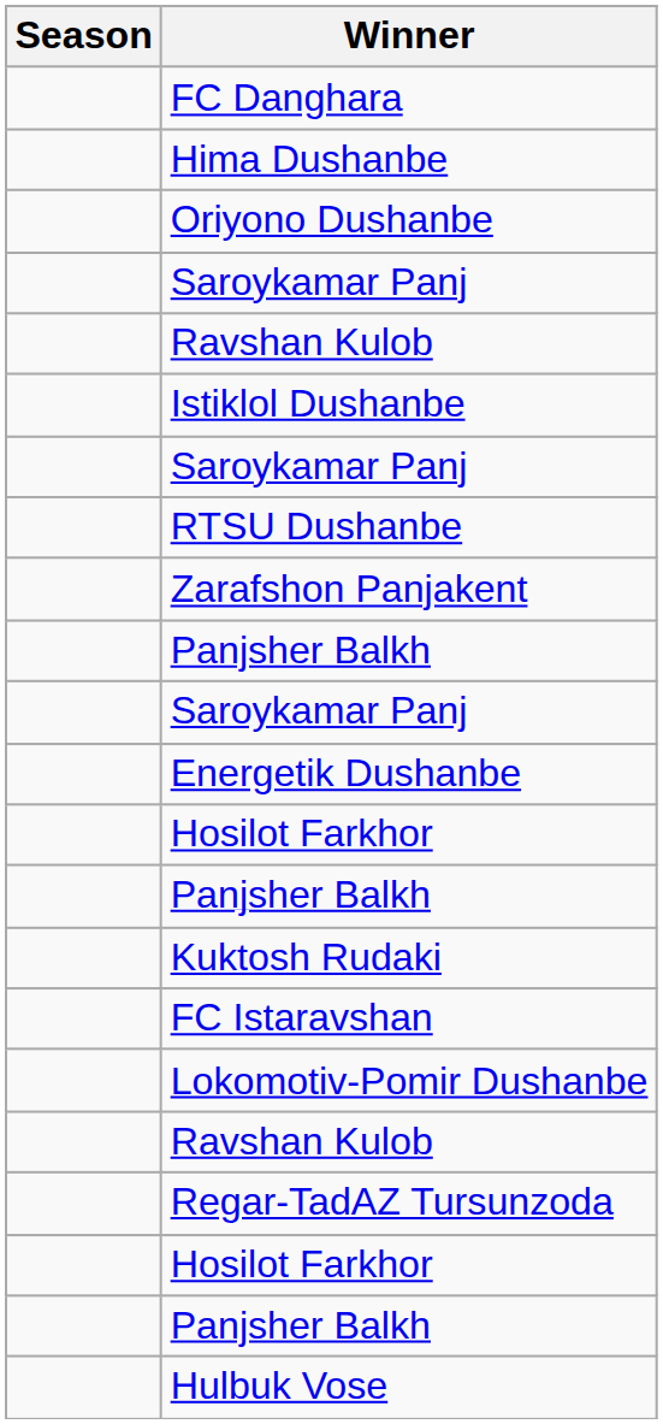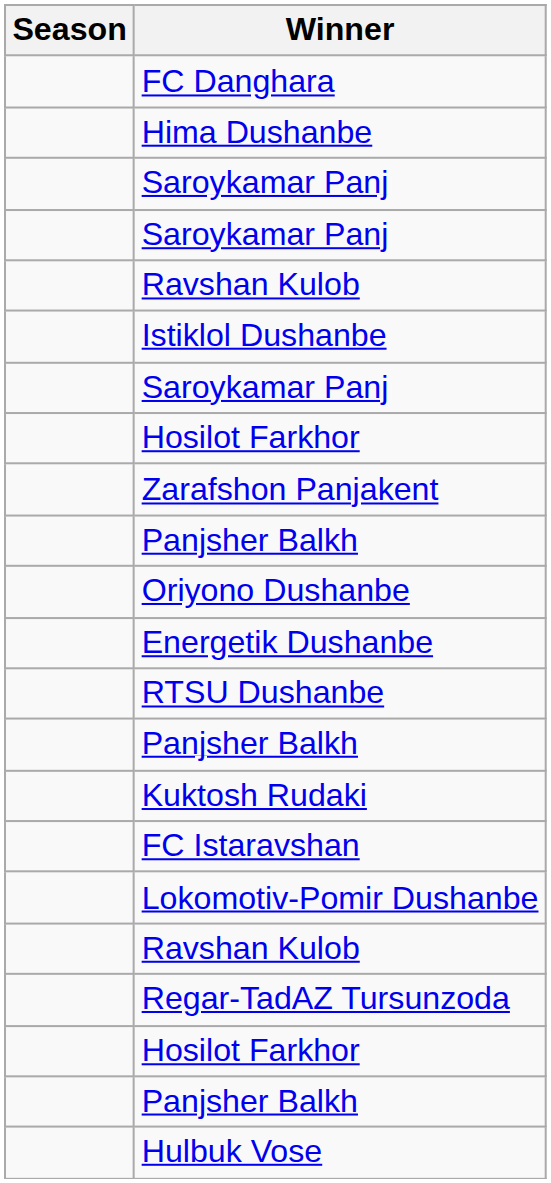 <table class="wikitable">
 <tr>
 <th>Season</th>
 <th>Winner</th>
 </tr>
 <tr>
 <td></td>
 <td><a href='#'>FC Danghara</a></td>
 </tr>
 <tr>
 <td></td>
 <td><a href='#'>Hima Dushanbe</a></td>
 </tr>
 <tr>
 <td></td>
-<td><a href='#'>Oriyono Dushanbe</a></td>
+<td><a href='#'>Saroykamar Panj</a></td>
 </tr>
 <tr>
 <td></td>
 <td><a href='#'>Saroykamar Panj</a></td>
 </tr>
 <tr>
 <td></td>
 <td><a href='#'>Ravshan Kulob</a></td>
 </tr>
 <tr>
 <td></td>
 <td><a href='#'>Istiklol Dushanbe</a></td>
 </tr>
 <tr>
 <td></td>
 <td><a href='#'>Saroykamar Panj</a></td>
 </tr>
 <tr>
 <td></td>
-<td><a href='#'>RTSU Dushanbe</a></td>
+<td><a href='#'>Hosilot Farkhor</a></td>
 </tr>
 <tr>
 <td></td>
 <td><a href='#'>Zarafshon Panjakent</a></td>
 </tr>
 <tr>
 <td></td>
 <td><a href='#'>Panjsher Balkh</a></td>
 </tr>
 <tr>
 <td></td>
-<td><a href='#'>Saroykamar Panj</a></td>
+<td><a href='#'>Oriyono Dushanbe</a></td>
 </tr>
 <tr>
 <td></td>
 <td><a href='#'>Energetik Dushanbe</a></td>
 </tr>
 <tr>
 <td></td>
-<td><a href='#'>Hosilot Farkhor</a></td>
+<td><a href='#'>RTSU Dushanbe</a></td>
 </tr>
 <tr>
 <td></td>
 <td><a href='#'>Panjsher Balkh</a></td>
 </tr>
 <tr>
 <td></td>
 <td><a href='#'>Kuktosh Rudaki</a></td>
 </tr>
 <tr>
 <td></td>
 <td><a href='#'>FC Istaravshan</a></td>
 </tr>
 <tr>
 <td></td>
 <td><a href='#'>Lokomotiv-Pomir Dushanbe</a></td>
 </tr>
 <tr>
 <td></td>
 <td><a href='#'>Ravshan Kulob</a></td>
 </tr>
 <tr>
 <td></td>
 <td><a href='#'>Regar-TadAZ Tursunzoda</a></td>
 </tr>
 <tr>
 <td></td>
 <td><a href='#'>Hosilot Farkhor</a></td>
 </tr>
 <tr>
 <td></td>
 <td><a href='#'>Panjsher Balkh</a></td>
 </tr>
 <tr>
 <td></td>
 <td><a href='#'>Hulbuk Vose</a></td>
 </tr>
 </table>
